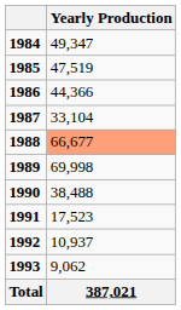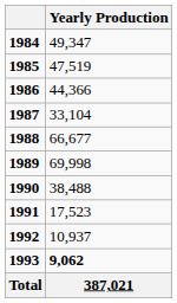 <table class="wikitable">
 <tr>
 <th></th>
 <th>Yearly Production</th>
 </tr>
 <tr>
 <td><strong>1984</strong></td>
 <td>49,347</td>
 </tr>
 <tr>
 <td><strong>1985</strong></td>
 <td>47,519</td>
 </tr>
 <tr>
 <td><strong>1986</strong></td>
 <td>44,366</td>
 </tr>
 <tr>
 <td><strong>1987</strong></td>
 <td>33,104</td>
 </tr>
 <tr>
 <td><strong>1988</strong></td>
-<td style="background: lightsalmon;">66,677</td>
+<td>66,677</td>
 </tr>
 <tr>
 <td><strong>1989</strong></td>
 <td>69,998</td>
 </tr>
 <tr>
 <td><strong>1990</strong></td>
 <td>38,488</td>
 </tr>
 <tr>
 <td><strong>1991</strong></td>
 <td>17,523</td>
 </tr>
 <tr>
 <td><strong>1992</strong></td>
 <td>10,937</td>
 </tr>
 <tr>
 <td><strong>1993</strong></td>
-<td>9,062</td>
+<td><strong>9,062</strong></td>
 </tr>
 <tr>
 <th>Total</th>
 <th><u>387,021</u></th>
 </tr>
 </table>
